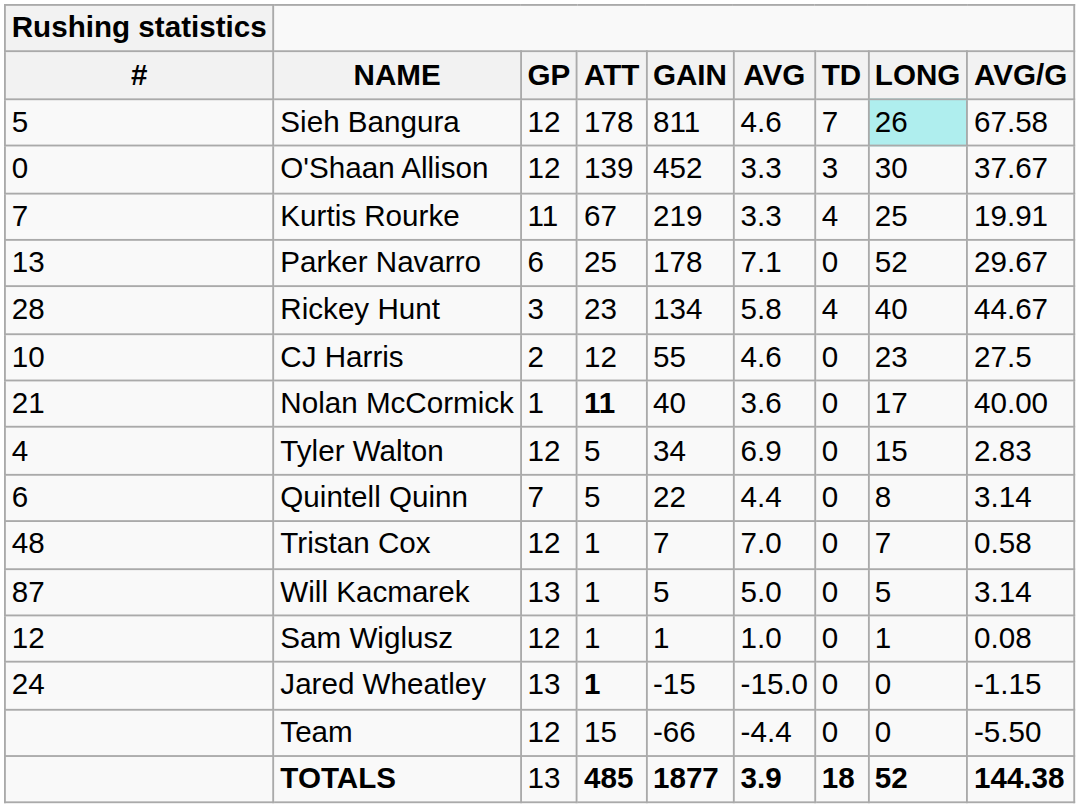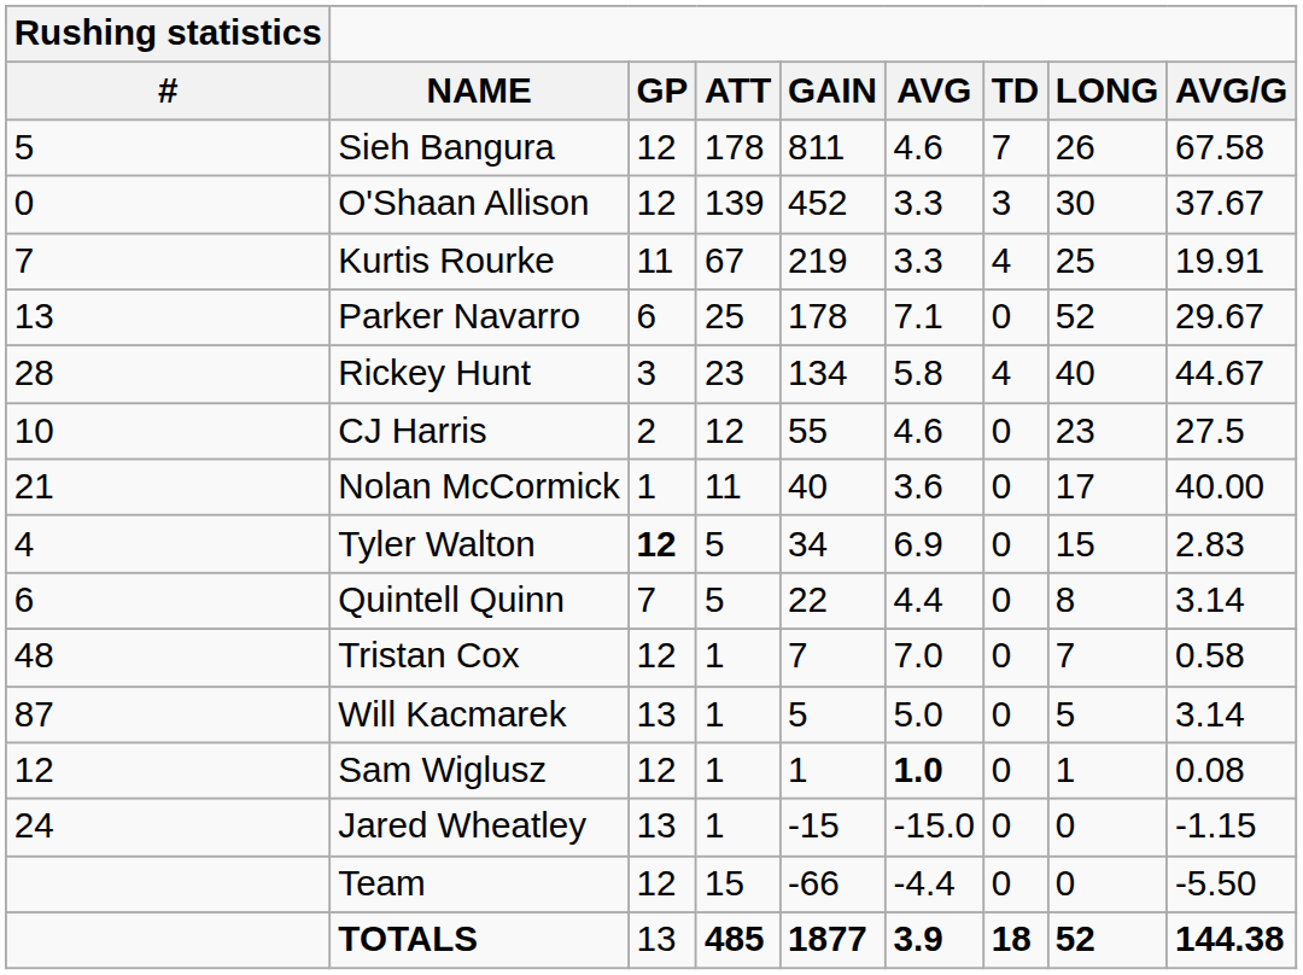 <table class="wikitable collapsible">
 <tr>
 <th style="text-align:center; ">Rushing statistics</th>
 </tr>
 <tr>
 <th>#</th>
 <th>NAME</th>
 <th>GP</th>
 <th>ATT</th>
 <th>GAIN</th>
 <th>AVG</th>
 <th>TD</th>
 <th>LONG</th>
 <th>AVG/G</th>
 </tr>
 <tr>
 <td>5</td>
 <td>Sieh Bangura</td>
 <td>12</td>
 <td>178</td>
 <td>811</td>
 <td>4.6</td>
 <td>7</td>
-<td style="background: paleturquoise;">26</td>
+<td>26</td>
 <td>67.58</td>
 </tr>
 <tr>
 <td>0</td>
 <td>O'Shaan Allison</td>
 <td>12</td>
 <td>139</td>
 <td>452</td>
 <td>3.3</td>
 <td>3</td>
 <td>30</td>
 <td>37.67</td>
 </tr>
 <tr>
 <td>7</td>
 <td>Kurtis Rourke</td>
 <td>11</td>
 <td>67</td>
 <td>219</td>
 <td>3.3</td>
 <td>4</td>
 <td>25</td>
 <td>19.91</td>
 </tr>
 <tr>
 <td>13</td>
 <td>Parker Navarro</td>
 <td>6</td>
 <td>25</td>
 <td>178</td>
 <td>7.1</td>
 <td>0</td>
 <td>52</td>
 <td>29.67</td>
 </tr>
 <tr>
 <td>28</td>
 <td>Rickey Hunt</td>
 <td>3</td>
 <td>23</td>
 <td>134</td>
 <td>5.8</td>
 <td>4</td>
 <td>40</td>
 <td>44.67</td>
 </tr>
 <tr>
 <td>10</td>
 <td>CJ Harris</td>
 <td>2</td>
 <td>12</td>
 <td>55</td>
 <td>4.6</td>
 <td>0</td>
 <td>23</td>
 <td>27.5</td>
 </tr>
 <tr>
 <td>21</td>
 <td>Nolan McCormick</td>
 <td>1</td>
-<td><strong>11</strong></td>
+<td>11</td>
 <td>40</td>
 <td>3.6</td>
 <td>0</td>
 <td>17</td>
 <td>40.00</td>
 </tr>
 <tr>
 <td>4</td>
 <td>Tyler Walton</td>
-<td>12</td>
+<td><strong>12</strong></td>
 <td>5</td>
 <td>34</td>
 <td>6.9</td>
 <td>0</td>
 <td>15</td>
 <td>2.83</td>
 </tr>
 <tr>
 <td>6</td>
 <td>Quintell Quinn</td>
 <td>7</td>
 <td>5</td>
 <td>22</td>
 <td>4.4</td>
 <td>0</td>
 <td>8</td>
 <td>3.14</td>
 </tr>
 <tr>
 <td>48</td>
 <td>Tristan Cox</td>
 <td>12</td>
 <td>1</td>
 <td>7</td>
 <td>7.0</td>
 <td>0</td>
 <td>7</td>
 <td>0.58</td>
 </tr>
 <tr>
 <td>87</td>
 <td>Will Kacmarek</td>
 <td>13</td>
 <td>1</td>
 <td>5</td>
 <td>5.0</td>
 <td>0</td>
 <td>5</td>
 <td>3.14</td>
 </tr>
 <tr>
 <td>12</td>
 <td>Sam Wiglusz</td>
 <td>12</td>
 <td>1</td>
 <td>1</td>
-<td>1.0</td>
+<td><strong>1.0</strong></td>
 <td>0</td>
 <td>1</td>
 <td>0.08</td>
 </tr>
 <tr>
 <td>24</td>
 <td>Jared Wheatley</td>
 <td>13</td>
-<td><strong>1</strong></td>
+<td>1</td>
 <td>-15</td>
 <td>-15.0</td>
 <td>0</td>
 <td>0</td>
 <td>-1.15</td>
 </tr>
 <tr>
 <td></td>
 <td>Team</td>
 <td>12</td>
 <td>15</td>
 <td>-66</td>
 <td>-4.4</td>
 <td>0</td>
 <td>0</td>
 <td>-5.50</td>
 </tr>
 <tr>
 <td></td>
 <td><strong>TOTALS</strong></td>
 <td>13</td>
 <td><strong>485</strong></td>
 <td><strong>1877</strong></td>
 <td><strong>3.9</strong></td>
 <td><strong>18</strong></td>
 <td><strong>52</strong></td>
 <td><strong>144.38</strong></td>
 </tr>
 </table>
